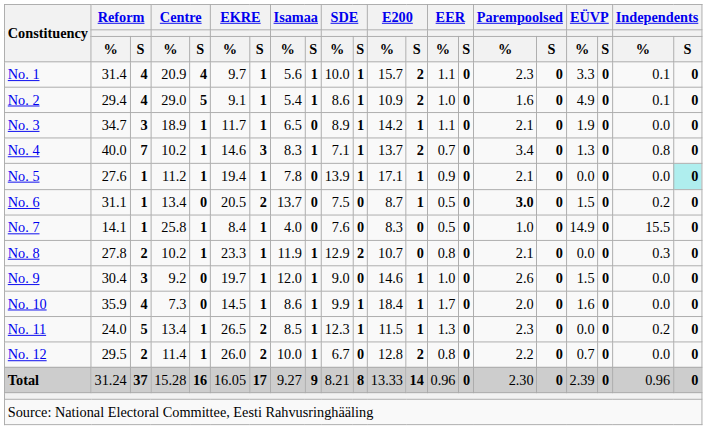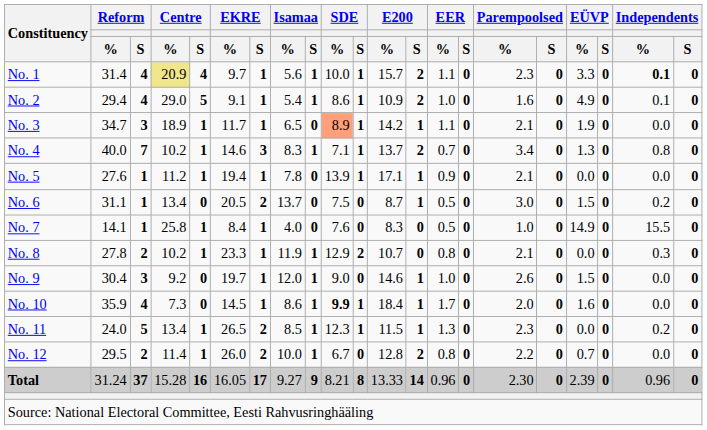 <table class="wikitable sortable" style="text-align:right; font-size:95%; line-height:20px">
 <tr>
 <th rowspan="3">Constituency</th>
 <th colspan="2" class="unsortable" width="30px"><a href='#'>Reform</a></th>
 <th colspan="2" class="unsortable" width="30px"><a href='#'>Centre</a></th>
 <th colspan="2" class="unsortable" width="30px"><a href='#'>EKRE</a></th>
 <th colspan="2" class="unsortable" width="30px"><a href='#'>Isamaa</a></th>
 <th colspan="2" class="unsortable" width="30px"><a href='#'>SDE</a></th>
 <th colspan="2" class="unsortable" width="30px"><a href='#'>E200</a></th>
 <th colspan="2" class="unsortable" width="30px"><a href='#'>EER</a></th>
 <th colspan="2" class="unsortable" width="30px"><a href='#'>Parempoolsed</a></th>
 <th colspan="2" class="unsortable" width="30px"><a href='#'>EÜVP</a></th>
 <th colspan="2" class="unsortable" width="30px"><a href='#'>Independents</a></th>
 </tr>
 <tr>
 <th colspan="2" style="background:"></th>
 <th colspan="2" style="background:"></th>
 <th colspan="2" style="background:"></th>
 <th colspan="2" style="background:"></th>
 <th colspan="2" style="background:"></th>
 <th colspan="2" style="background:"></th>
 <th colspan="2" style="background:"></th>
 <th colspan="2" style="background:"></th>
 <th colspan="2" style="background:"></th>
 <th colspan="2" style="background:"></th>
 </tr>
 <tr>
 <th data-sort-type="number">%</th>
 <th data-sort-type="number">S</th>
 <th data-sort-type="number">%</th>
 <th data-sort-type="number">S</th>
 <th data-sort-type="number">%</th>
 <th data-sort-type="number">S</th>
 <th data-sort-type="number">%</th>
 <th data-sort-type="number">S</th>
 <th data-sort-type="number">%</th>
 <th data-sort-type="number">S</th>
 <th data-sort-type="number">%</th>
 <th data-sort-type="number">S</th>
 <th data-sort-type="number">%</th>
 <th data-sort-type="number">S</th>
 <th data-sort-type="number">%</th>
 <th data-sort-type="number">S</th>
 <th data-sort-type="number">%</th>
 <th data-sort-type="number">S</th>
 <th data-sort-type="number">%</th>
 <th data-sort-type="number">S</th>
 </tr>
 <tr>
 <td align="left"><a href='#'>No. 1</a></td>
 <td style="background:">31.4</td>
 <td><strong>4</strong></td>
-<td>20.9</td>
+<td style="background: khaki;">20.9</td>
 <td><strong>4</strong></td>
 <td>9.7</td>
 <td><strong>1</strong></td>
 <td>5.6</td>
 <td><strong>1</strong></td>
 <td>10.0</td>
 <td><strong>1</strong></td>
 <td>15.7</td>
 <td><strong>2</strong></td>
 <td>1.1</td>
 <td><strong>0</strong></td>
 <td>2.3</td>
 <td><strong>0</strong></td>
 <td>3.3</td>
 <td><strong>0</strong></td>
-<td>0.1</td>
+<td><strong>0.1</strong></td>
 <td><strong>0</strong></td>
 </tr>
 <tr>
 <td align="left"><a href='#'>No. 2</a></td>
 <td style="background:">29.4</td>
 <td><strong>4</strong></td>
 <td>29.0</td>
 <td><strong>5</strong></td>
 <td>9.1</td>
 <td><strong>1</strong></td>
 <td>5.4</td>
 <td><strong>1</strong></td>
 <td>8.6</td>
 <td><strong>1</strong></td>
 <td>10.9</td>
 <td><strong>2</strong></td>
 <td>1.0</td>
 <td><strong>0</strong></td>
 <td>1.6</td>
 <td><strong>0</strong></td>
 <td>4.9</td>
 <td><strong>0</strong></td>
 <td>0.1</td>
 <td><strong>0</strong></td>
 </tr>
 <tr>
 <td align="left"><a href='#'>No. 3</a></td>
 <td style="background:">34.7</td>
 <td><strong>3</strong></td>
 <td>18.9</td>
 <td><strong>1</strong></td>
 <td>11.7</td>
 <td><strong>1</strong></td>
 <td>6.5</td>
 <td><strong>0</strong></td>
-<td>8.9</td>
+<td style="background: lightsalmon;">8.9</td>
 <td><strong>1</strong></td>
 <td>14.2</td>
 <td><strong>1</strong></td>
 <td>1.1</td>
 <td><strong>0</strong></td>
 <td>2.1</td>
 <td><strong>0</strong></td>
 <td>1.9</td>
 <td><strong>0</strong></td>
 <td>0.0</td>
 <td><strong>0</strong></td>
 </tr>
 <tr>
 <td align="left"><a href='#'>No. 4</a></td>
 <td style="background:">40.0</td>
 <td><strong>7</strong></td>
 <td>10.2</td>
 <td><strong>1</strong></td>
 <td>14.6</td>
 <td><strong>3</strong></td>
 <td>8.3</td>
 <td><strong>1</strong></td>
 <td>7.1</td>
 <td><strong>1</strong></td>
 <td>13.7</td>
 <td><strong>2</strong></td>
 <td>0.7</td>
 <td><strong>0</strong></td>
 <td>3.4</td>
 <td><strong>0</strong></td>
 <td>1.3</td>
 <td><strong>0</strong></td>
 <td>0.8</td>
 <td><strong>0</strong></td>
 </tr>
 <tr>
 <td align="left"><a href='#'>No. 5</a></td>
 <td style="background:">27.6</td>
 <td><strong>1</strong></td>
 <td>11.2</td>
 <td><strong>1</strong></td>
 <td>19.4</td>
 <td><strong>1</strong></td>
 <td>7.8</td>
 <td><strong>0</strong></td>
 <td>13.9</td>
 <td><strong>1</strong></td>
 <td>17.1</td>
 <td><strong>1</strong></td>
 <td>0.9</td>
 <td><strong>0</strong></td>
 <td>2.1</td>
 <td><strong>0</strong></td>
 <td>0.0</td>
 <td><strong>0</strong></td>
 <td>0.0</td>
-<td style="background: paleturquoise;"><strong>0</strong></td>
+<td><strong>0</strong></td>
 </tr>
 <tr>
 <td align="left"><a href='#'>No. 6</a></td>
 <td style="background:">31.1</td>
 <td><strong>1</strong></td>
 <td>13.4</td>
 <td><strong>0</strong></td>
 <td>20.5</td>
 <td><strong>2</strong></td>
 <td>13.7</td>
 <td><strong>0</strong></td>
 <td>7.5</td>
 <td><strong>0</strong></td>
 <td>8.7</td>
 <td><strong>1</strong></td>
 <td>0.5</td>
 <td><strong>0</strong></td>
-<td><strong>3.0</strong></td>
+<td>3.0</td>
 <td><strong>0</strong></td>
 <td>1.5</td>
 <td><strong>0</strong></td>
 <td>0.2</td>
 <td><strong>0</strong></td>
 </tr>
 <tr>
 <td align="left"><a href='#'>No. 7</a></td>
 <td>14.1</td>
 <td><strong>1</strong></td>
 <td style="background:">25.8</td>
 <td><strong>1</strong></td>
 <td>8.4</td>
 <td><strong>1</strong></td>
 <td>4.0</td>
 <td><strong>0</strong></td>
 <td>7.6</td>
 <td><strong>0</strong></td>
 <td>8.3</td>
 <td><strong>0</strong></td>
 <td>0.5</td>
 <td><strong>0</strong></td>
 <td>1.0</td>
 <td><strong>0</strong></td>
 <td>14.9</td>
 <td><strong>0</strong></td>
 <td>15.5</td>
 <td><strong>0</strong></td>
 </tr>
 <tr>
 <td align="left"><a href='#'>No. 8</a></td>
 <td style="background:">27.8</td>
 <td><strong>2</strong></td>
 <td>10.2</td>
 <td><strong>1</strong></td>
 <td>23.3</td>
 <td><strong>1</strong></td>
 <td>11.9</td>
 <td><strong>1</strong></td>
 <td>12.9</td>
 <td><strong>2</strong></td>
 <td>10.7</td>
 <td><strong>0</strong></td>
 <td>0.8</td>
 <td><strong>0</strong></td>
 <td>2.1</td>
 <td><strong>0</strong></td>
 <td>0.0</td>
 <td><strong>0</strong></td>
 <td>0.3</td>
 <td><strong>0</strong></td>
 </tr>
 <tr>
 <td align="left"><a href='#'>No. 9</a></td>
 <td style="background:">30.4</td>
 <td><strong>3</strong></td>
 <td>9.2</td>
 <td><strong>0</strong></td>
 <td>19.7</td>
 <td><strong>1</strong></td>
 <td>12.0</td>
 <td><strong>1</strong></td>
 <td>9.0</td>
 <td><strong>0</strong></td>
 <td>14.6</td>
 <td><strong>1</strong></td>
 <td>1.0</td>
 <td><strong>0</strong></td>
 <td>2.6</td>
 <td><strong>0</strong></td>
 <td>1.5</td>
 <td><strong>0</strong></td>
 <td>0.0</td>
 <td><strong>0</strong></td>
 </tr>
 <tr>
 <td align="left"><a href='#'>No. 10</a></td>
 <td style="background:">35.9</td>
 <td><strong>4</strong></td>
 <td>7.3</td>
 <td><strong>0</strong></td>
 <td>14.5</td>
 <td><strong>1</strong></td>
 <td>8.6</td>
 <td><strong>1</strong></td>
-<td>9.9</td>
+<td><strong>9.9</strong></td>
 <td><strong>1</strong></td>
 <td>18.4</td>
 <td><strong>1</strong></td>
 <td>1.7</td>
 <td><strong>0</strong></td>
 <td>2.0</td>
 <td><strong>0</strong></td>
 <td>1.6</td>
 <td><strong>0</strong></td>
 <td>0.0</td>
 <td><strong>0</strong></td>
 </tr>
 <tr>
 <td align="left"><a href='#'>No. 11</a></td>
 <td>24.0</td>
 <td><strong>5</strong></td>
 <td>13.4</td>
 <td><strong>1</strong></td>
 <td style="background:">26.5</td>
 <td><strong>2</strong></td>
 <td>8.5</td>
 <td><strong>1</strong></td>
 <td>12.3</td>
 <td><strong>1</strong></td>
 <td>11.5</td>
 <td><strong>1</strong></td>
 <td>1.3</td>
 <td><strong>0</strong></td>
 <td>2.3</td>
 <td><strong>0</strong></td>
 <td>0.0</td>
 <td><strong>0</strong></td>
 <td>0.2</td>
 <td><strong>0</strong></td>
 </tr>
 <tr>
 <td align="left"><a href='#'>No. 12</a></td>
 <td style="background:">29.5</td>
 <td><strong>2</strong></td>
 <td>11.4</td>
 <td><strong>1</strong></td>
 <td>26.0</td>
 <td><strong>2</strong></td>
 <td>10.0</td>
 <td><strong>1</strong></td>
 <td>6.7</td>
 <td><strong>0</strong></td>
 <td>12.8</td>
 <td><strong>2</strong></td>
 <td>0.8</td>
 <td><strong>0</strong></td>
 <td>2.2</td>
 <td><strong>0</strong></td>
 <td>0.7</td>
 <td><strong>0</strong></td>
 <td>0.0</td>
 <td><strong>0</strong></td>
 </tr>
 <tr style="background:#CDCDCD">
 <td align="left"><strong>Total</strong></td>
 <td>31.24</td>
 <td><strong>37</strong></td>
 <td>15.28</td>
 <td><strong>16</strong></td>
 <td>16.05</td>
 <td><strong>17</strong></td>
 <td>9.27</td>
 <td><strong>9</strong></td>
 <td>8.21</td>
 <td><strong>8</strong></td>
 <td>13.33</td>
 <td><strong>14</strong></td>
 <td>0.96</td>
 <td><strong>0</strong></td>
 <td>2.30</td>
 <td><strong>0</strong></td>
 <td>2.39</td>
 <td><strong>0</strong></td>
 <td>0.96</td>
 <td><strong>0</strong></td>
 </tr>
 <tr>
 <th colspan="22"></th>
 </tr>
 <tr>
 <th colspan="22" style="text-align:left; font-weight:normal; background:#F9F9F9">Source: National Electoral Committee, Eesti Rahvusringhääling</th>
 </tr>
 </table>
